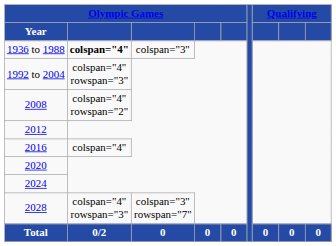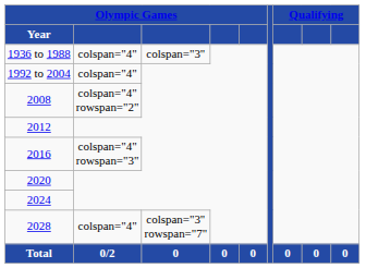 <table class="wikitable" style="text-align: center;font-size:90%;">
 <tr>
 <th colspan="5" style="background:#244AA5;color:white;"><a href='#'><span>Olympic Games</span></a></th>
 <th rowspan="12" style="background:#244AA5"></th>
 <th colspan="3" style="background:#244AA5;color:white;"><a href='#'><span>Qualifying</span></a></th>
 </tr>
 <tr>
 <th style="background:#244AA5;color:white;">Year</th>
 <th width="28" style="background:#244AA5;color:white;"></th>
 <th width="28" style="background:#244AA5;color:white;"></th>
 <th width="28" style="background:#244AA5;color:white;"></th>
 <th width="28" style="background:#244AA5;color:white;"></th>
 <th width="28" style="background:#244AA5;color:white;"></th>
 <th width="28" style="background:#244AA5;color:white;"></th>
 <th width="28" style="background:#244AA5;color:white;"></th>
 </tr>
 <tr>
 <td> <a href='#'>1936</a> to  <a href='#'>1988</a></td>
-<td><strong>colspan="4" </strong></td>
+<td>colspan="4" </td>
 <td>colspan="3" </td>
 </tr>
 <tr>
 <td> <a href='#'>1992</a> to  <a href='#'>2004</a></td>
-<td>colspan="4" rowspan="3" </td>
+<td>colspan="4" </td>
 </tr>
 <tr>
 <td> <a href='#'>2008</a></td>
 <td>colspan="4" rowspan="2" </td>
 </tr>
 <tr>
 <td> <a href='#'>2012</a></td>
 </tr>
 <tr>
 <td> <a href='#'>2016</a></td>
-<td>colspan="4" </td>
+<td>colspan="4" rowspan="3" </td>
 </tr>
 <tr>
 <td> <a href='#'>2020</a></td>
 </tr>
 <tr>
 <td> <a href='#'>2024</a></td>
 </tr>
 <tr>
 <td> <a href='#'>2028</a></td>
-<td>colspan="4" rowspan="3" </td>
+<td>colspan="4" </td>
 <td>colspan="3" rowspan="7" </td>
 </tr>
 <tr>
 <th style="background:#244AA5;color:white;">Total</th>
 <th style="background:#244AA5;color:white;">0/2</th>
 <th style="background:#244AA5;color:white;">0</th>
 <th style="background:#244AA5;color:white;">0</th>
 <th style="background:#244AA5;color:white;">0</th>
 <th style="background:#244AA5;color:white;">0</th>
 <th style="background:#244AA5;color:white;">0</th>
 <th style="background:#244AA5;color:white;">0</th>
 </tr>
 </table>
